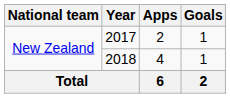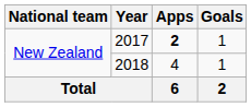 <table class=wikitable style=text-align:center>
 <tr>
 <th>National team</th>
 <th>Year</th>
 <th>Apps</th>
 <th>Goals</th>
 </tr>
 <tr>
 <td rowspan="2"><a href='#'>New Zealand</a></td>
 <td>2017</td>
-<td>2</td>
+<td><strong>2</strong></td>
 <td>1</td>
 </tr>
 <tr>
 <td>2018</td>
 <td>4</td>
 <td>1</td>
 </tr>
 <tr>
 <th colspan="2">Total</th>
 <th>6</th>
 <th>2</th>
 </tr>
 </table>
